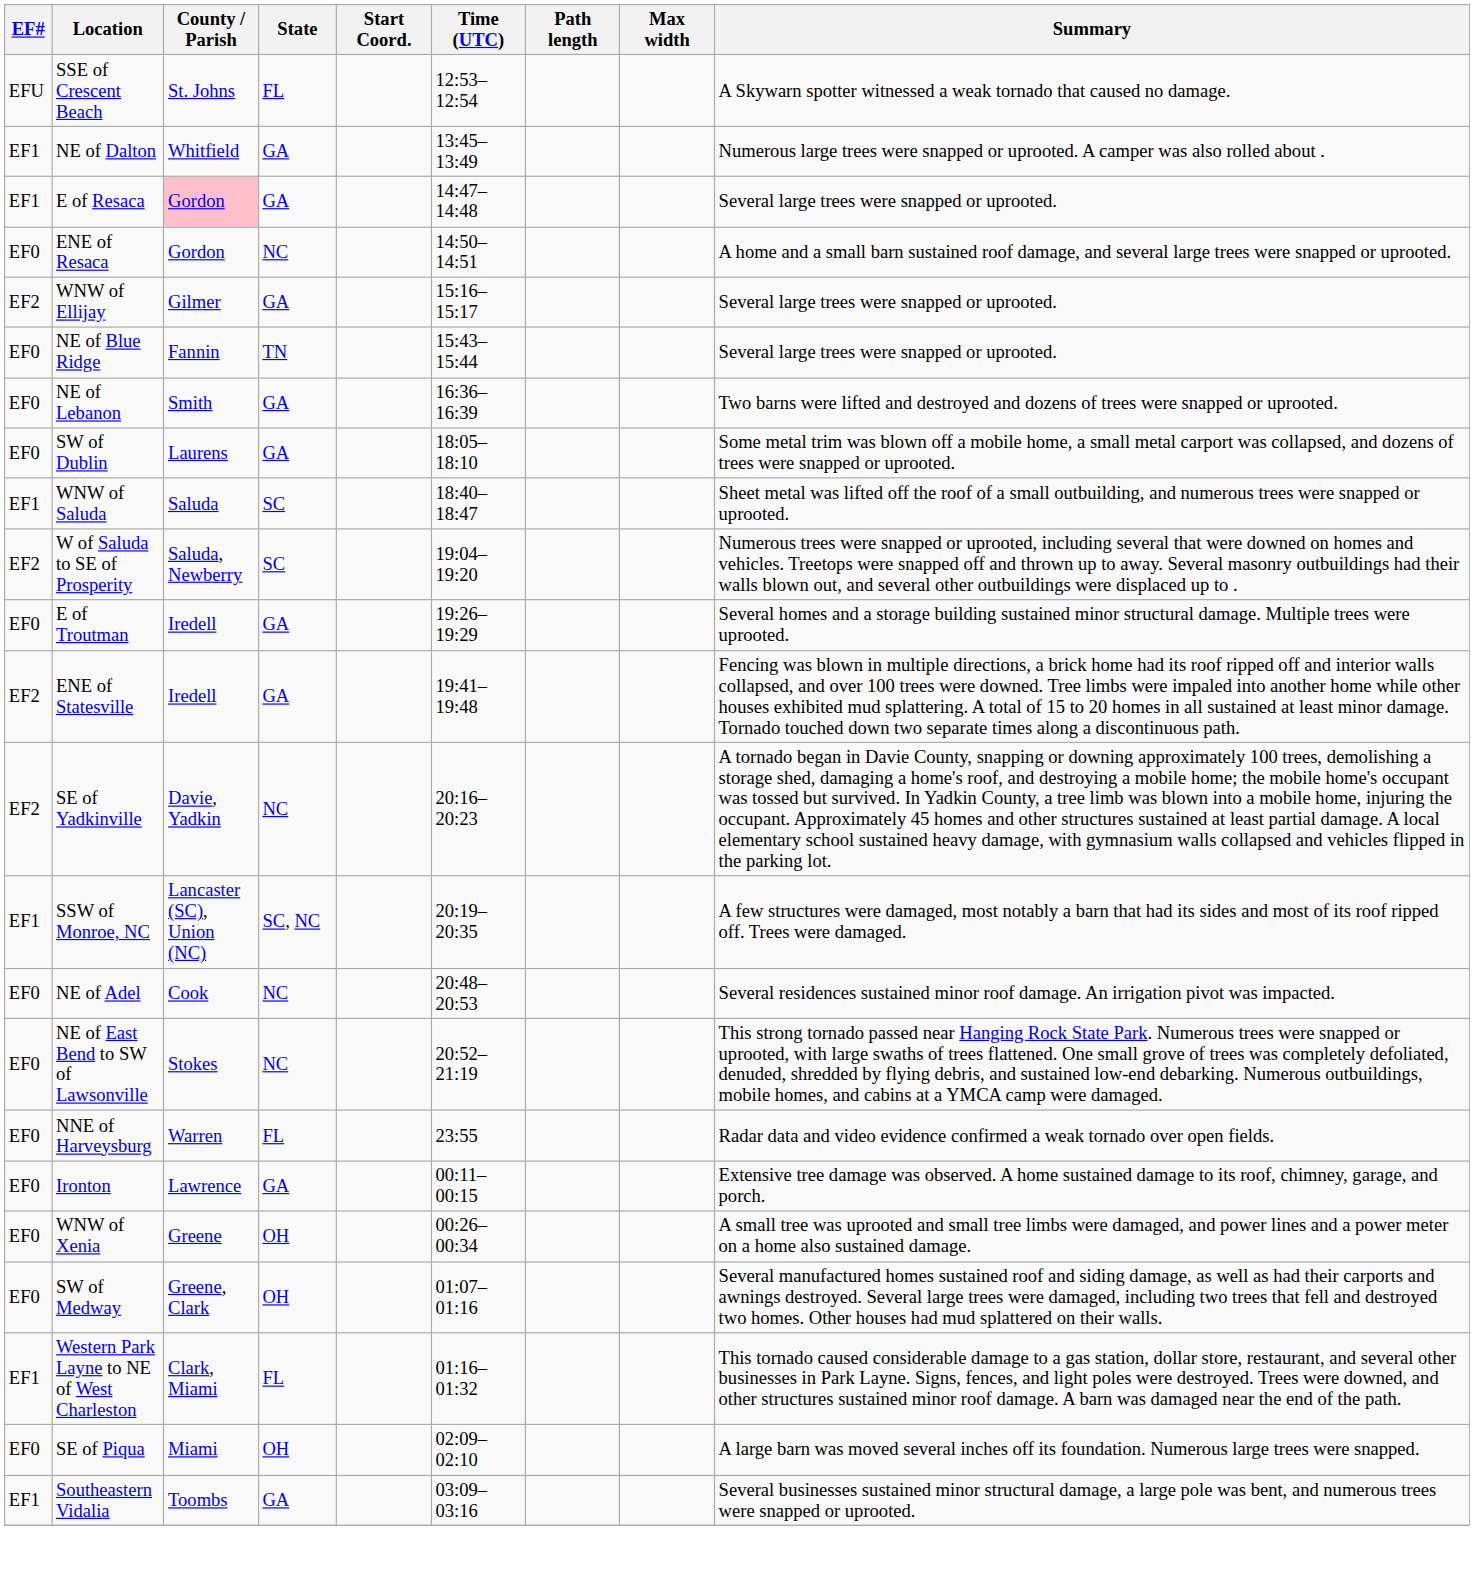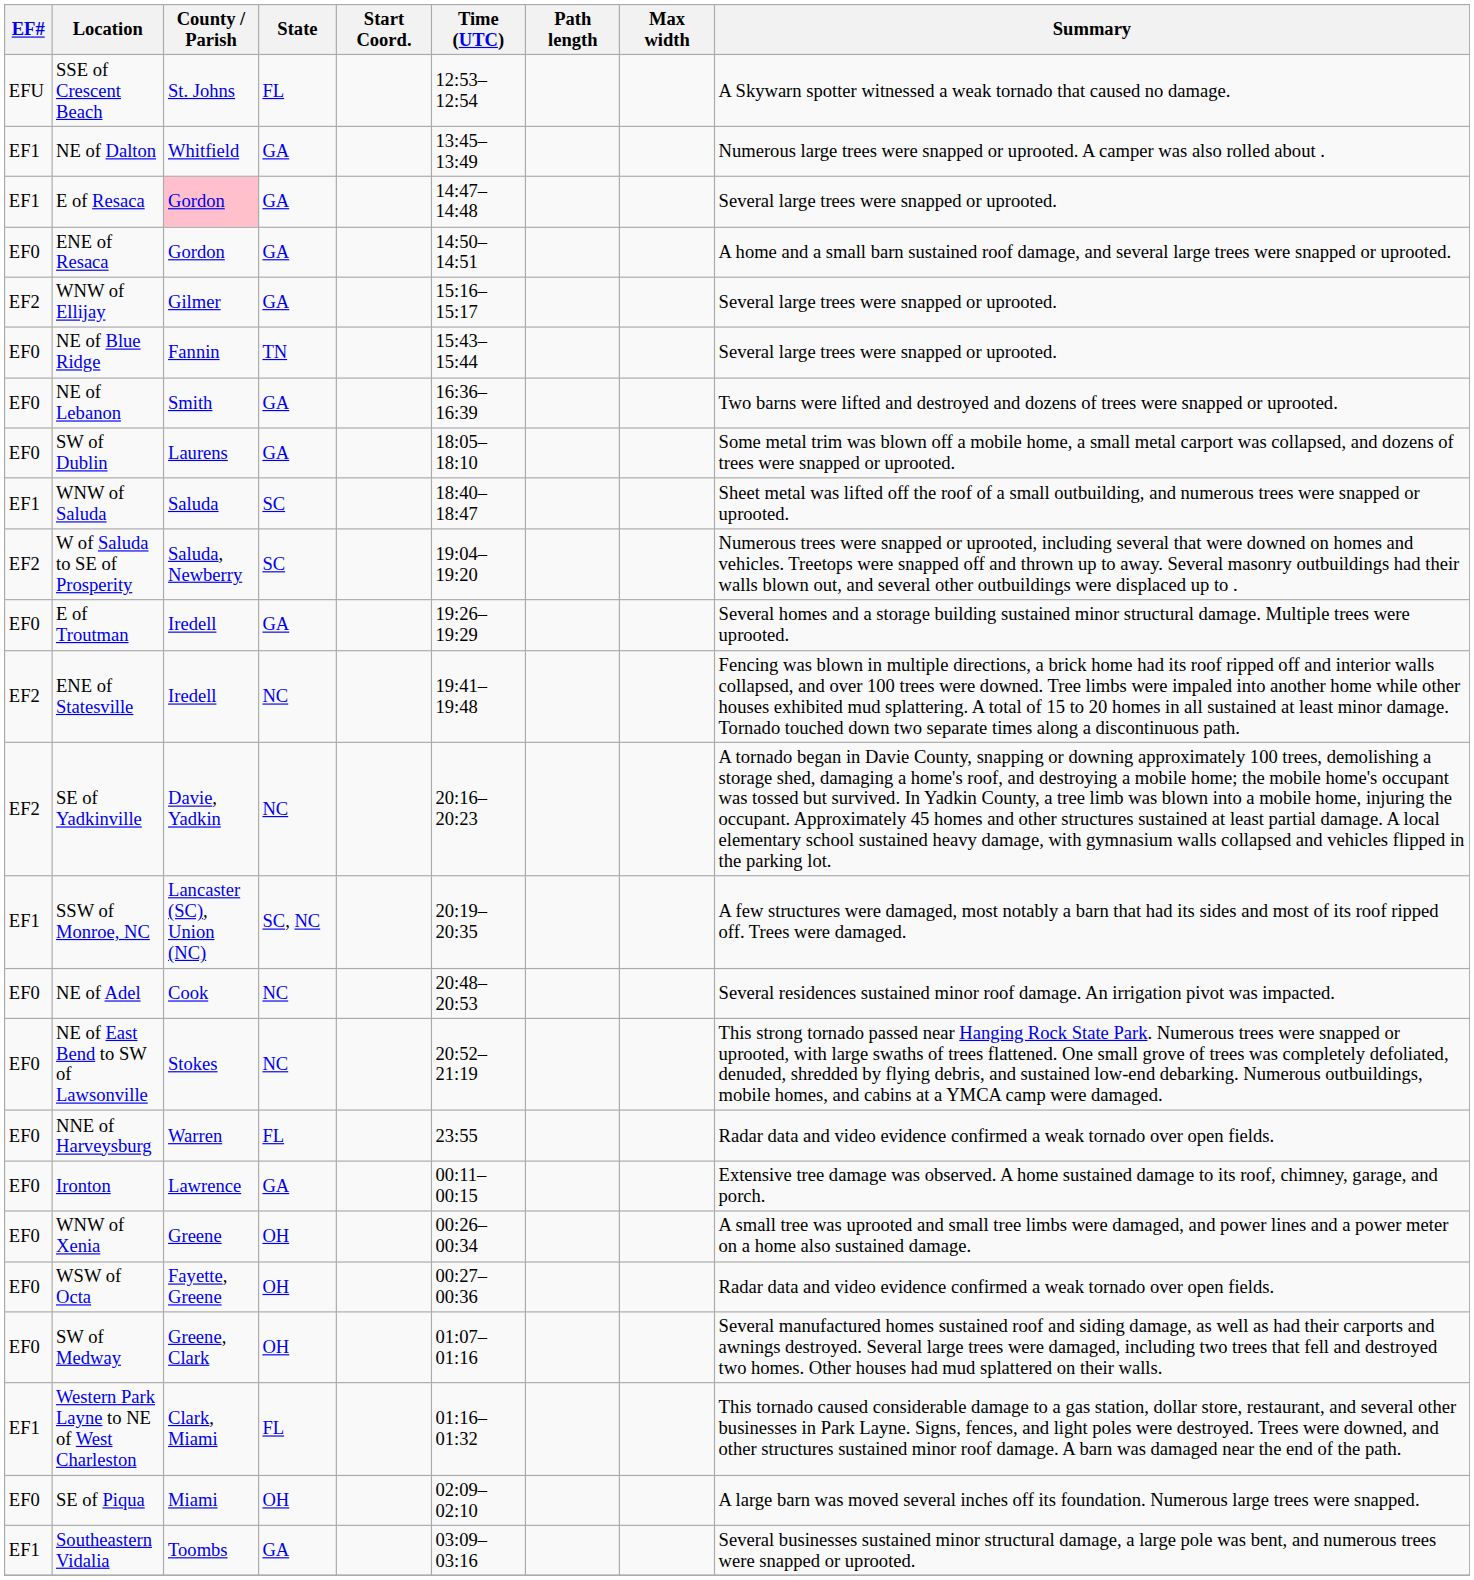 <table class="wikitable sortable" style="width:100%;">
 <tr>
 <th scope="col"  style="width:3%; text-align:center;"><a href='#'>EF#</a></th>
 <th scope="col"  style="width:7%; text-align:center;" class="unsortable">Location</th>
 <th scope="col"  style="width:6%; text-align:center;" class="unsortable">County / Parish</th>
 <th scope="col"  style="width:5%; text-align:center;">State</th>
 <th scope="col"  style="width:6%; text-align:center;">Start Coord.</th>
 <th scope="col"  style="width:6%; text-align:center;">Time (<a href='#'>UTC</a>)</th>
 <th scope="col"  style="width:6%; text-align:center;">Path length</th>
 <th scope="col"  style="width:6%; text-align:center;">Max width</th>
 <th scope="col" class="unsortable" style="width:48%; text-align:center;">Summary</th>
 </tr>
 <tr>
 <td>EFU</td>
 <td>SSE of <a href='#'>Crescent Beach</a></td>
 <td><a href='#'>St. Johns</a></td>
 <td><a href='#'>FL</a></td>
 <td></td>
 <td>12:53–12:54</td>
 <td></td>
 <td></td>
 <td>A Skywarn spotter witnessed a weak tornado that caused no damage.</td>
 </tr>
 <tr>
 <td>EF1</td>
 <td>NE of <a href='#'>Dalton</a></td>
 <td><a href='#'>Whitfield</a></td>
 <td><a href='#'>GA</a></td>
 <td></td>
 <td>13:45–13:49</td>
 <td></td>
 <td></td>
 <td>Numerous large trees were snapped or uprooted. A camper was also rolled about .</td>
 </tr>
 <tr>
 <td>EF1</td>
 <td>E of <a href='#'>Resaca</a></td>
 <td style="background: pink;"><a href='#'>Gordon</a></td>
 <td><a href='#'>GA</a></td>
 <td></td>
 <td>14:47–14:48</td>
 <td></td>
 <td></td>
 <td>Several large trees were snapped or uprooted.</td>
 </tr>
 <tr>
 <td>EF0</td>
 <td>ENE of <a href='#'>Resaca</a></td>
 <td><a href='#'>Gordon</a></td>
-<td><a href='#'>NC</a></td>
+<td><a href='#'>GA</a></td>
 <td></td>
 <td>14:50–14:51</td>
 <td></td>
 <td></td>
 <td>A home and a small barn sustained roof damage, and several large trees were snapped or uprooted.</td>
 </tr>
 <tr>
 <td>EF2</td>
 <td>WNW of <a href='#'>Ellijay</a></td>
 <td><a href='#'>Gilmer</a></td>
 <td><a href='#'>GA</a></td>
 <td></td>
 <td>15:16–15:17</td>
 <td></td>
 <td></td>
 <td>Several large trees were snapped or uprooted.</td>
 </tr>
 <tr>
 <td>EF0</td>
 <td>NE of <a href='#'>Blue Ridge</a></td>
 <td><a href='#'>Fannin</a></td>
 <td><a href='#'>TN</a></td>
 <td></td>
 <td>15:43–15:44</td>
 <td></td>
 <td></td>
 <td>Several large trees were snapped or uprooted.</td>
 </tr>
 <tr>
 <td>EF0</td>
 <td>NE of <a href='#'>Lebanon</a></td>
 <td><a href='#'>Smith</a></td>
 <td><a href='#'>GA</a></td>
 <td></td>
 <td>16:36–16:39</td>
 <td></td>
 <td></td>
 <td>Two barns were lifted and destroyed and dozens of trees were snapped or uprooted.</td>
 </tr>
 <tr>
 <td>EF0</td>
 <td>SW of <a href='#'>Dublin</a></td>
 <td><a href='#'>Laurens</a></td>
 <td><a href='#'>GA</a></td>
 <td></td>
 <td>18:05–18:10</td>
 <td></td>
 <td></td>
 <td>Some metal trim was blown off a mobile home, a small metal carport was collapsed, and dozens of trees were snapped or uprooted.</td>
 </tr>
 <tr>
 <td>EF1</td>
 <td>WNW of <a href='#'>Saluda</a></td>
 <td><a href='#'>Saluda</a></td>
 <td><a href='#'>SC</a></td>
 <td></td>
 <td>18:40–18:47</td>
 <td></td>
 <td></td>
 <td>Sheet metal was lifted off the roof of a small outbuilding, and numerous trees were snapped or uprooted.</td>
 </tr>
 <tr>
 <td>EF2</td>
 <td>W of <a href='#'>Saluda</a> to SE of <a href='#'>Prosperity</a></td>
 <td><a href='#'>Saluda</a>, <a href='#'>Newberry</a></td>
 <td><a href='#'>SC</a></td>
 <td></td>
 <td>19:04–19:20</td>
 <td></td>
 <td></td>
 <td>Numerous trees were snapped or uprooted, including several that were downed on homes and vehicles. Treetops were snapped off and thrown up to  away. Several masonry outbuildings had their walls blown out, and several other outbuildings were displaced up to .</td>
 </tr>
 <tr>
 <td>EF0</td>
 <td>E of <a href='#'>Troutman</a></td>
 <td><a href='#'>Iredell</a></td>
 <td><a href='#'>GA</a></td>
 <td></td>
 <td>19:26–19:29</td>
 <td></td>
 <td></td>
 <td>Several homes and a storage building sustained minor structural damage. Multiple trees were uprooted.</td>
 </tr>
 <tr>
 <td>EF2</td>
 <td>ENE of <a href='#'>Statesville</a></td>
 <td><a href='#'>Iredell</a></td>
-<td><a href='#'>GA</a></td>
+<td><a href='#'>NC</a></td>
 <td></td>
 <td>19:41–19:48</td>
 <td></td>
 <td></td>
 <td>Fencing was blown in multiple directions, a brick home had its roof ripped off and interior walls collapsed, and over 100 trees were downed. Tree limbs were impaled into another home while other houses exhibited mud splattering. A total of 15 to 20 homes in all sustained at least minor damage. Tornado touched down two separate times along a discontinuous path.</td>
 </tr>
 <tr>
 <td>EF2</td>
 <td>SE of <a href='#'>Yadkinville</a></td>
 <td><a href='#'>Davie</a>, <a href='#'>Yadkin</a></td>
 <td><a href='#'>NC</a></td>
 <td></td>
 <td>20:16–20:23</td>
 <td></td>
 <td></td>
 <td>A tornado began in Davie County, snapping or downing approximately 100 trees, demolishing a storage shed, damaging a home's roof, and destroying a mobile home; the mobile home's occupant was tossed but survived. In Yadkin County, a tree limb was blown into a mobile home, injuring the occupant. Approximately 45 homes and other structures sustained at least partial damage. A local elementary school sustained heavy damage, with gymnasium walls collapsed and vehicles flipped in the parking lot.</td>
 </tr>
 <tr>
 <td>EF1</td>
 <td>SSW of <a href='#'>Monroe, NC</a></td>
 <td><a href='#'>Lancaster (SC)</a>, <a href='#'>Union (NC)</a></td>
 <td><a href='#'>SC</a>, <a href='#'>NC</a></td>
 <td></td>
 <td>20:19–20:35</td>
 <td></td>
 <td></td>
 <td>A few structures were damaged, most notably a barn that had its sides and most of its roof ripped off. Trees were damaged.</td>
 </tr>
 <tr>
 <td>EF0</td>
 <td>NE of <a href='#'>Adel</a></td>
 <td><a href='#'>Cook</a></td>
 <td><a href='#'>NC</a></td>
 <td></td>
 <td>20:48–20:53</td>
 <td></td>
 <td></td>
 <td>Several residences sustained minor roof damage. An irrigation pivot was impacted.</td>
 </tr>
 <tr>
 <td>EF0</td>
 <td>NE of <a href='#'>East Bend</a> to SW of <a href='#'>Lawsonville</a></td>
 <td><a href='#'>Stokes</a></td>
 <td><a href='#'>NC</a></td>
 <td></td>
 <td>20:52–21:19</td>
 <td></td>
 <td></td>
 <td>This strong tornado passed near <a href='#'>Hanging Rock State Park</a>. Numerous trees were snapped or uprooted, with large swaths of trees flattened. One small grove of trees was completely defoliated, denuded, shredded by flying debris, and sustained low-end debarking. Numerous outbuildings, mobile homes, and cabins at a YMCA camp were damaged.</td>
 </tr>
 <tr>
 <td>EF0</td>
 <td>NNE of <a href='#'>Harveysburg</a></td>
 <td><a href='#'>Warren</a></td>
 <td><a href='#'>FL</a></td>
 <td></td>
 <td>23:55</td>
 <td></td>
 <td></td>
 <td>Radar data and video evidence confirmed a weak tornado over open fields.</td>
 </tr>
 <tr>
 <td>EF0</td>
 <td><a href='#'>Ironton</a></td>
 <td><a href='#'>Lawrence</a></td>
 <td><a href='#'>GA</a></td>
 <td></td>
 <td>00:11–00:15</td>
 <td></td>
 <td></td>
 <td>Extensive tree damage was observed. A home sustained damage to its roof, chimney, garage, and porch.</td>
 </tr>
 <tr>
 <td>EF0</td>
 <td>WNW of <a href='#'>Xenia</a></td>
 <td><a href='#'>Greene</a></td>
 <td><a href='#'>OH</a></td>
 <td></td>
 <td>00:26–00:34</td>
 <td></td>
 <td></td>
 <td>A small tree was uprooted and small tree limbs were damaged, and power lines and a power meter on a home also sustained damage.</td>
 </tr>
 <tr>
 <td>EF0</td>
+<td>WSW of <a href='#'>Octa</a></td>
+<td><a href='#'>Fayette</a>, <a href='#'>Greene</a></td>
+<td><a href='#'>OH</a></td>
+<td></td>
+<td>00:27–00:36</td>
+<td></td>
+<td></td>
+<td>Radar data and video evidence confirmed a weak tornado over open fields.</td>
+</tr>
+<tr>
+<td>EF0</td>
 <td>SW of <a href='#'>Medway</a></td>
 <td><a href='#'>Greene</a>, <a href='#'>Clark</a></td>
 <td><a href='#'>OH</a></td>
 <td></td>
 <td>01:07–01:16</td>
 <td></td>
 <td></td>
 <td>Several manufactured homes sustained roof and siding damage, as well as had their carports and awnings destroyed. Several large trees were damaged, including two trees that fell and destroyed two homes. Other houses had mud splattered on their walls.</td>
 </tr>
 <tr>
 <td>EF1</td>
 <td><a href='#'>Western Park Layne</a> to NE of <a href='#'>West Charleston</a></td>
 <td><a href='#'>Clark</a>, <a href='#'>Miami</a></td>
 <td><a href='#'>FL</a></td>
 <td></td>
 <td>01:16–01:32</td>
 <td></td>
 <td></td>
 <td>This tornado caused considerable damage to a gas station, dollar store, restaurant, and several other businesses in Park Layne. Signs, fences, and light poles were destroyed. Trees were downed, and other structures sustained minor roof damage. A barn was damaged near the end of the path.</td>
 </tr>
 <tr>
 <td>EF0</td>
 <td>SE of <a href='#'>Piqua</a></td>
 <td><a href='#'>Miami</a></td>
 <td><a href='#'>OH</a></td>
 <td></td>
 <td>02:09–02:10</td>
 <td></td>
 <td></td>
 <td>A large barn was moved several inches off its foundation. Numerous large trees were snapped.</td>
 </tr>
 <tr>
 <td>EF1</td>
 <td><a href='#'>Southeastern Vidalia</a></td>
 <td><a href='#'>Toombs</a></td>
 <td><a href='#'>GA</a></td>
 <td></td>
 <td>03:09–03:16</td>
 <td></td>
 <td></td>
 <td>Several businesses sustained minor structural damage, a large pole was bent, and numerous trees were snapped or uprooted.</td>
 </tr>
 <tr>
 </tr>
 </table>
